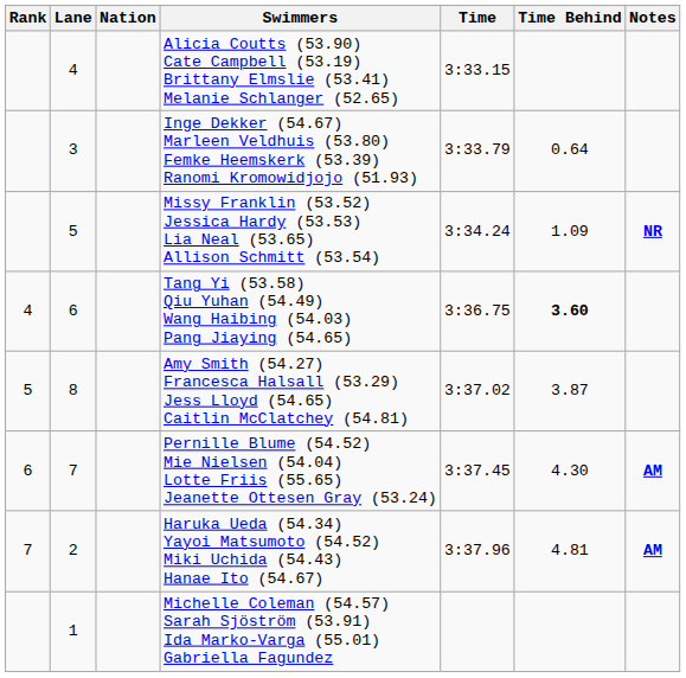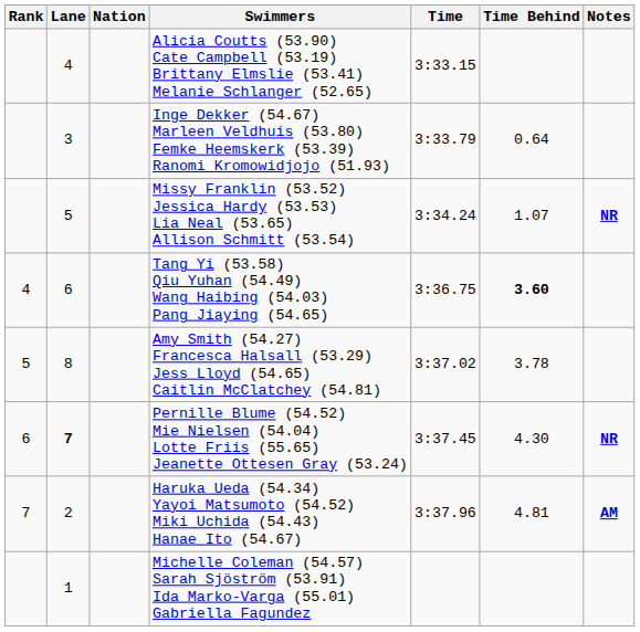 <table class="wikitable sortable" style="text-align:center">
 <tr>
 <th>Rank</th>
 <th>Lane</th>
 <th>Nation</th>
 <th>Swimmers</th>
 <th>Time</th>
 <th>Time Behind</th>
 <th>Notes</th>
 </tr>
 <tr>
 <td></td>
 <td>4</td>
 <td align=left></td>
 <td align=left><a href='#'>Alicia Coutts</a> (53.90)<br><a href='#'>Cate Campbell</a> (53.19)<br><a href='#'>Brittany Elmslie</a> (53.41)<br><a href='#'>Melanie Schlanger</a> (52.65)</td>
 <td>3:33.15</td>
 <td></td>
 <td></td>
 </tr>
 <tr>
 <td></td>
 <td>3</td>
 <td align=left></td>
 <td align=left><a href='#'>Inge Dekker</a> (54.67)<br><a href='#'>Marleen Veldhuis</a> (53.80)<br><a href='#'>Femke Heemskerk</a> (53.39)<br><a href='#'>Ranomi Kromowidjojo</a> (51.93)</td>
 <td>3:33.79</td>
 <td>0.64</td>
 <td></td>
 </tr>
 <tr>
 <td></td>
 <td>5</td>
 <td align=left></td>
 <td align=left><a href='#'>Missy Franklin</a> (53.52)<br><a href='#'>Jessica Hardy</a> (53.53)<br><a href='#'>Lia Neal</a> (53.65)<br><a href='#'>Allison Schmitt</a> (53.54)</td>
 <td>3:34.24</td>
-<td>1.09</td>
+<td>1.07</td>
 <td><strong><a href='#'>NR</a></strong></td>
 </tr>
 <tr>
 <td>4</td>
 <td>6</td>
 <td align=left></td>
 <td align=left><a href='#'>Tang Yi</a> (53.58)<br><a href='#'>Qiu Yuhan</a> (54.49)<br><a href='#'>Wang Haibing</a> (54.03)<br><a href='#'>Pang Jiaying</a> (54.65)</td>
 <td>3:36.75</td>
 <td><strong>3.60</strong></td>
 <td></td>
 </tr>
 <tr>
 <td>5</td>
 <td>8</td>
 <td align=left></td>
 <td align=left><a href='#'>Amy Smith</a> (54.27)<br><a href='#'>Francesca Halsall</a> (53.29)<br><a href='#'>Jess Lloyd</a> (54.65)<br><a href='#'>Caitlin McClatchey</a> (54.81)</td>
 <td>3:37.02</td>
-<td>3.87</td>
+<td>3.78</td>
 <td></td>
 </tr>
 <tr>
 <td>6</td>
-<td>7</td>
+<td><strong>7</strong></td>
 <td align=left></td>
 <td align=left><a href='#'>Pernille Blume</a> (54.52)<br><a href='#'>Mie Nielsen</a> (54.04)<br><a href='#'>Lotte Friis</a> (55.65)<br> <a href='#'>Jeanette Ottesen Gray</a> (53.24)</td>
 <td>3:37.45</td>
 <td>4.30</td>
-<td><strong><a href='#'>AM</a></strong></td>
+<td><strong><a href='#'>NR</a></strong></td>
 </tr>
 <tr>
 <td>7</td>
 <td>2</td>
 <td align=left></td>
 <td align=left><a href='#'>Haruka Ueda</a> (54.34)<br><a href='#'>Yayoi Matsumoto</a> (54.52)<br><a href='#'>Miki Uchida</a> (54.43)<br><a href='#'>Hanae Ito</a> (54.67)</td>
 <td>3:37.96</td>
 <td>4.81</td>
 <td><strong><a href='#'>AM</a></strong></td>
 </tr>
 <tr>
 <td></td>
 <td>1</td>
 <td align=left></td>
 <td align=left><a href='#'>Michelle Coleman</a> (54.57)<br><a href='#'>Sarah Sjöström</a> (53.91)<br><a href='#'>Ida Marko-Varga</a> (55.01)<br><a href='#'>Gabriella Fagundez</a></td>
 <td></td>
 <td></td>
 <td></td>
 </tr>
 </table>
